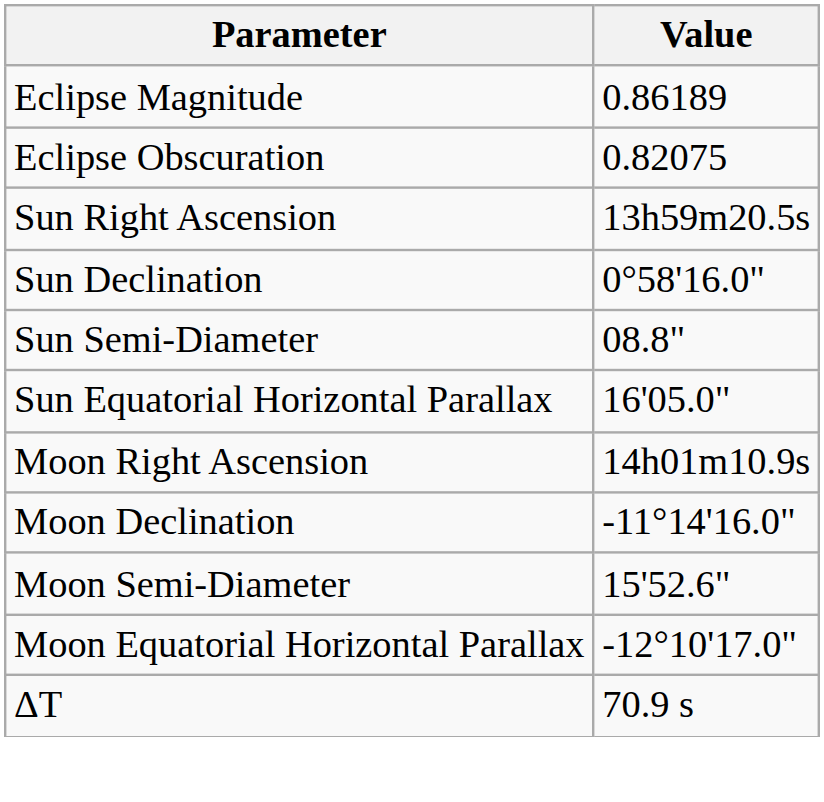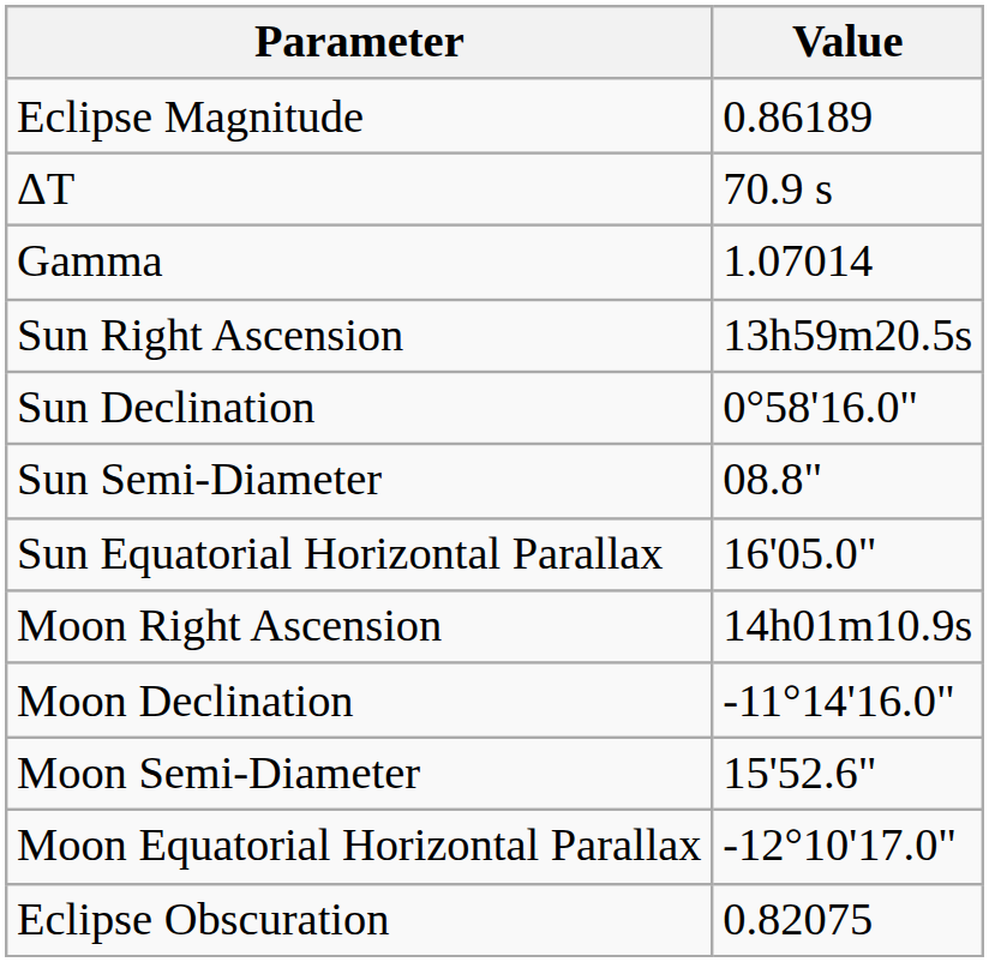 <table class="wikitable">
 <tr>
 <th>Parameter</th>
 <th>Value</th>
 </tr>
 <tr>
 <td>Eclipse Magnitude</td>
 <td>0.86189</td>
 </tr>
 <tr>
-<td>Eclipse Obscuration</td>
-<td>0.82075</td>
+<td>ΔT</td>
+<td>70.9 s</td>
+</tr>
+<tr>
+<td>Gamma</td>
+<td>1.07014</td>
 </tr>
 <tr>
 <td>Sun Right Ascension</td>
 <td>13h59m20.5s</td>
 </tr>
 <tr>
 <td>Sun Declination</td>
 <td>0°58'16.0"</td>
 </tr>
 <tr>
 <td>Sun Semi-Diameter</td>
 <td>08.8"</td>
 </tr>
 <tr>
 <td>Sun Equatorial Horizontal Parallax</td>
 <td>16'05.0"</td>
 </tr>
 <tr>
 <td>Moon Right Ascension</td>
 <td>14h01m10.9s</td>
 </tr>
 <tr>
 <td>Moon Declination</td>
 <td>-11°14'16.0"</td>
 </tr>
 <tr>
 <td>Moon Semi-Diameter</td>
 <td>15'52.6"</td>
 </tr>
 <tr>
 <td>Moon Equatorial Horizontal Parallax</td>
 <td>-12°10'17.0"</td>
 </tr>
 <tr>
-<td>ΔT</td>
-<td>70.9 s</td>
+<td>Eclipse Obscuration</td>
+<td>0.82075</td>
 </tr>
 </table>
